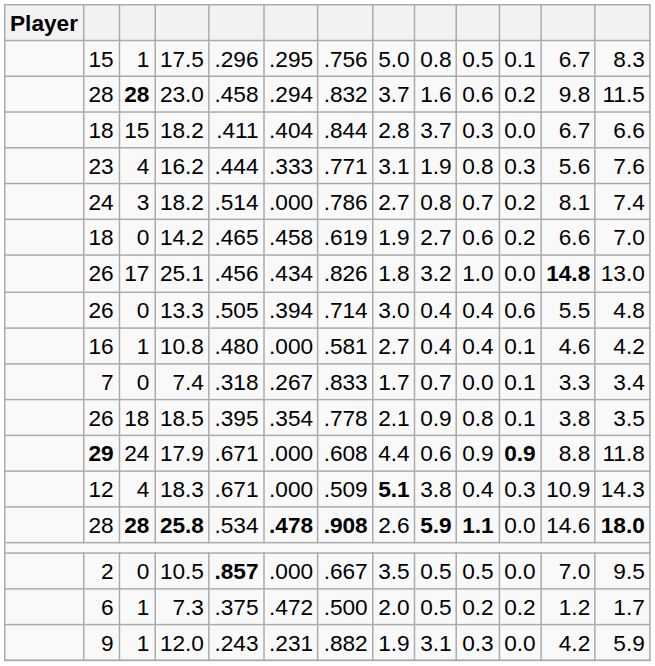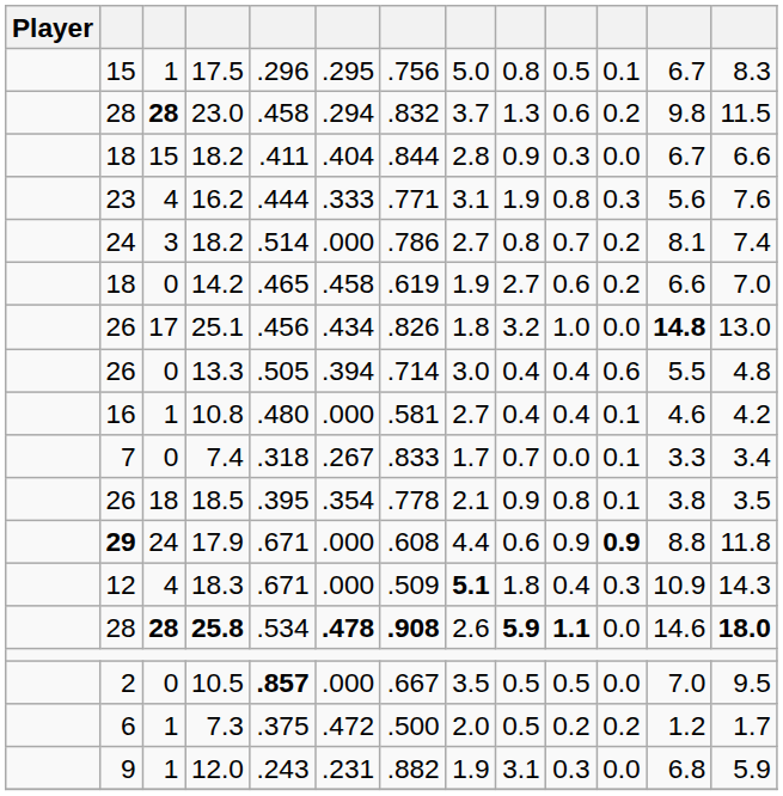 <table class="wikitable sortable" style="font-size:95%; text-align:right;">
 <tr>
 <th>Player</th>
 <th></th>
 <th></th>
 <th></th>
 <th></th>
 <th></th>
 <th></th>
 <th></th>
 <th></th>
 <th></th>
 <th></th>
 <th></th>
 <th></th>
 </tr>
 <tr>
 <td><strong></strong></td>
 <td>15</td>
 <td>1</td>
 <td>17.5</td>
 <td>.296</td>
 <td>.295</td>
 <td>.756</td>
 <td>5.0</td>
 <td>0.8</td>
 <td>0.5</td>
 <td>0.1</td>
 <td>6.7</td>
 <td>8.3</td>
 </tr>
 <tr>
 <td><strong></strong></td>
 <td>28</td>
 <td><strong>28</strong></td>
 <td>23.0</td>
 <td>.458</td>
 <td>.294</td>
 <td>.832</td>
 <td>3.7</td>
-<td>1.6</td>
+<td>1.3</td>
 <td>0.6</td>
 <td>0.2</td>
 <td>9.8</td>
 <td>11.5</td>
 </tr>
 <tr>
 <td><strong></strong></td>
 <td>18</td>
 <td>15</td>
 <td>18.2</td>
 <td>.411</td>
 <td>.404</td>
 <td>.844</td>
 <td>2.8</td>
-<td>3.7</td>
+<td>0.9</td>
 <td>0.3</td>
 <td>0.0</td>
 <td>6.7</td>
 <td>6.6</td>
 </tr>
 <tr>
 <td><strong></strong></td>
 <td>23</td>
 <td>4</td>
 <td>16.2</td>
 <td>.444</td>
 <td>.333</td>
 <td>.771</td>
 <td>3.1</td>
 <td>1.9</td>
 <td>0.8</td>
 <td>0.3</td>
 <td>5.6</td>
 <td>7.6</td>
 </tr>
 <tr>
 <td><strong></strong></td>
 <td>24</td>
 <td>3</td>
 <td>18.2</td>
 <td>.514</td>
 <td>.000</td>
 <td>.786</td>
 <td>2.7</td>
 <td>0.8</td>
 <td>0.7</td>
 <td>0.2</td>
 <td>8.1</td>
 <td>7.4</td>
 </tr>
 <tr>
 <td><strong></strong></td>
 <td>18</td>
 <td>0</td>
 <td>14.2</td>
 <td>.465</td>
 <td>.458</td>
 <td>.619</td>
 <td>1.9</td>
 <td>2.7</td>
 <td>0.6</td>
 <td>0.2</td>
 <td>6.6</td>
 <td>7.0</td>
 </tr>
 <tr>
 <td><strong></strong></td>
 <td>26</td>
 <td>17</td>
 <td>25.1</td>
 <td>.456</td>
 <td>.434</td>
 <td>.826</td>
 <td>1.8</td>
 <td>3.2</td>
 <td>1.0</td>
 <td>0.0</td>
 <td><strong>14.8</strong></td>
 <td>13.0</td>
 </tr>
 <tr>
 <td><strong></strong></td>
 <td>26</td>
 <td>0</td>
 <td>13.3</td>
 <td>.505</td>
 <td>.394</td>
 <td>.714</td>
 <td>3.0</td>
 <td>0.4</td>
 <td>0.4</td>
 <td>0.6</td>
 <td>5.5</td>
 <td>4.8</td>
 </tr>
 <tr>
 <td><strong></strong></td>
 <td>16</td>
 <td>1</td>
 <td>10.8</td>
 <td>.480</td>
 <td>.000</td>
 <td>.581</td>
 <td>2.7</td>
 <td>0.4</td>
 <td>0.4</td>
 <td>0.1</td>
 <td>4.6</td>
 <td>4.2</td>
 </tr>
 <tr>
 <td><strong></strong></td>
 <td>7</td>
 <td>0</td>
 <td>7.4</td>
 <td>.318</td>
 <td>.267</td>
 <td>.833</td>
 <td>1.7</td>
 <td>0.7</td>
 <td>0.0</td>
 <td>0.1</td>
 <td>3.3</td>
 <td>3.4</td>
 </tr>
 <tr>
 <td><strong></strong></td>
 <td>26</td>
 <td>18</td>
 <td>18.5</td>
 <td>.395</td>
 <td>.354</td>
 <td>.778</td>
 <td>2.1</td>
 <td>0.9</td>
 <td>0.8</td>
 <td>0.1</td>
 <td>3.8</td>
 <td>3.5</td>
 </tr>
 <tr>
 <td><strong></strong></td>
 <td><strong>29</strong></td>
 <td>24</td>
 <td>17.9</td>
 <td>.671</td>
 <td>.000</td>
 <td>.608</td>
 <td>4.4</td>
 <td>0.6</td>
 <td>0.9</td>
 <td><strong>0.9</strong></td>
 <td>8.8</td>
 <td>11.8</td>
 </tr>
 <tr>
 <td><strong></strong></td>
 <td>12</td>
 <td>4</td>
 <td>18.3</td>
 <td>.671</td>
 <td>.000</td>
 <td>.509</td>
 <td><strong>5.1</strong></td>
-<td>3.8</td>
+<td>1.8</td>
 <td>0.4</td>
 <td>0.3</td>
 <td>10.9</td>
 <td>14.3</td>
 </tr>
 <tr>
 <td><strong></strong></td>
 <td>28</td>
 <td><strong>28</strong></td>
 <td><strong>25.8</strong></td>
 <td>.534</td>
 <td><strong>.478</strong></td>
 <td><strong>.908</strong></td>
 <td>2.6</td>
 <td><strong>5.9</strong></td>
 <td><strong>1.1</strong></td>
 <td>0.0</td>
 <td>14.6</td>
 <td><strong>18.0</strong></td>
 </tr>
 <tr>
 <td colspan=13></td>
 </tr>
 <tr>
 <td><em></em></td>
 <td>2</td>
 <td>0</td>
 <td>10.5</td>
 <td><strong>.857</strong></td>
 <td>.000</td>
 <td>.667</td>
 <td>3.5</td>
 <td>0.5</td>
 <td>0.5</td>
 <td>0.0</td>
 <td>7.0</td>
 <td>9.5</td>
 </tr>
 <tr>
 <td><em></em></td>
 <td>6</td>
 <td>1</td>
 <td>7.3</td>
 <td>.375</td>
 <td>.472</td>
 <td>.500</td>
 <td>2.0</td>
 <td>0.5</td>
 <td>0.2</td>
 <td>0.2</td>
 <td>1.2</td>
 <td>1.7</td>
 </tr>
 <tr>
 <td><em></em></td>
 <td>9</td>
 <td>1</td>
 <td>12.0</td>
 <td>.243</td>
 <td>.231</td>
 <td>.882</td>
 <td>1.9</td>
 <td>3.1</td>
 <td>0.3</td>
 <td>0.0</td>
-<td>4.2</td>
+<td>6.8</td>
 <td>5.9</td>
 </tr>
 <tr>
 </tr>
 </table>
